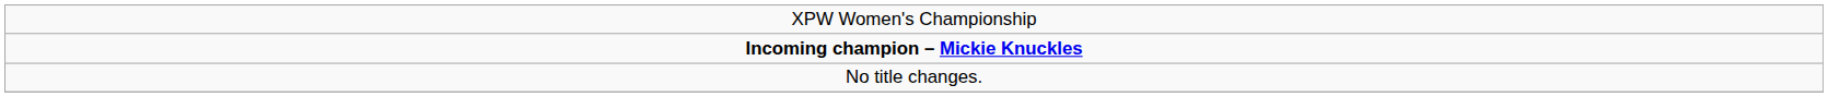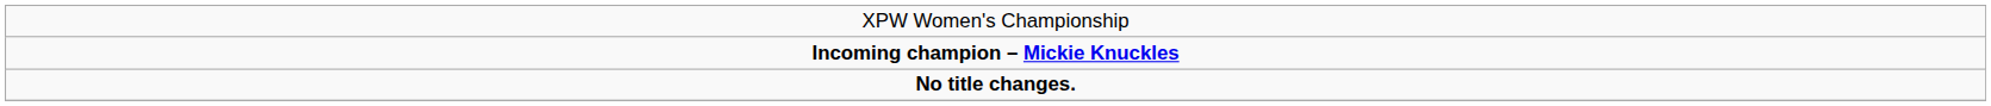 <table class="wikitable" style="text-align:center; width:100%;">
 <tr>
 <td colspan="4" style="text-align: center;">XPW Women's Championship</td>
 </tr>
 <tr>
 <td colspan="4" style="text-align: center;"><strong>Incoming champion – <a href='#'>Mickie Knuckles</a></strong></td>
 </tr>
 <tr>
-<td>No title changes.</td>
+<td><strong>No title changes.</strong></td>
 </tr>
 <tr>
 </tr>
 </table>
